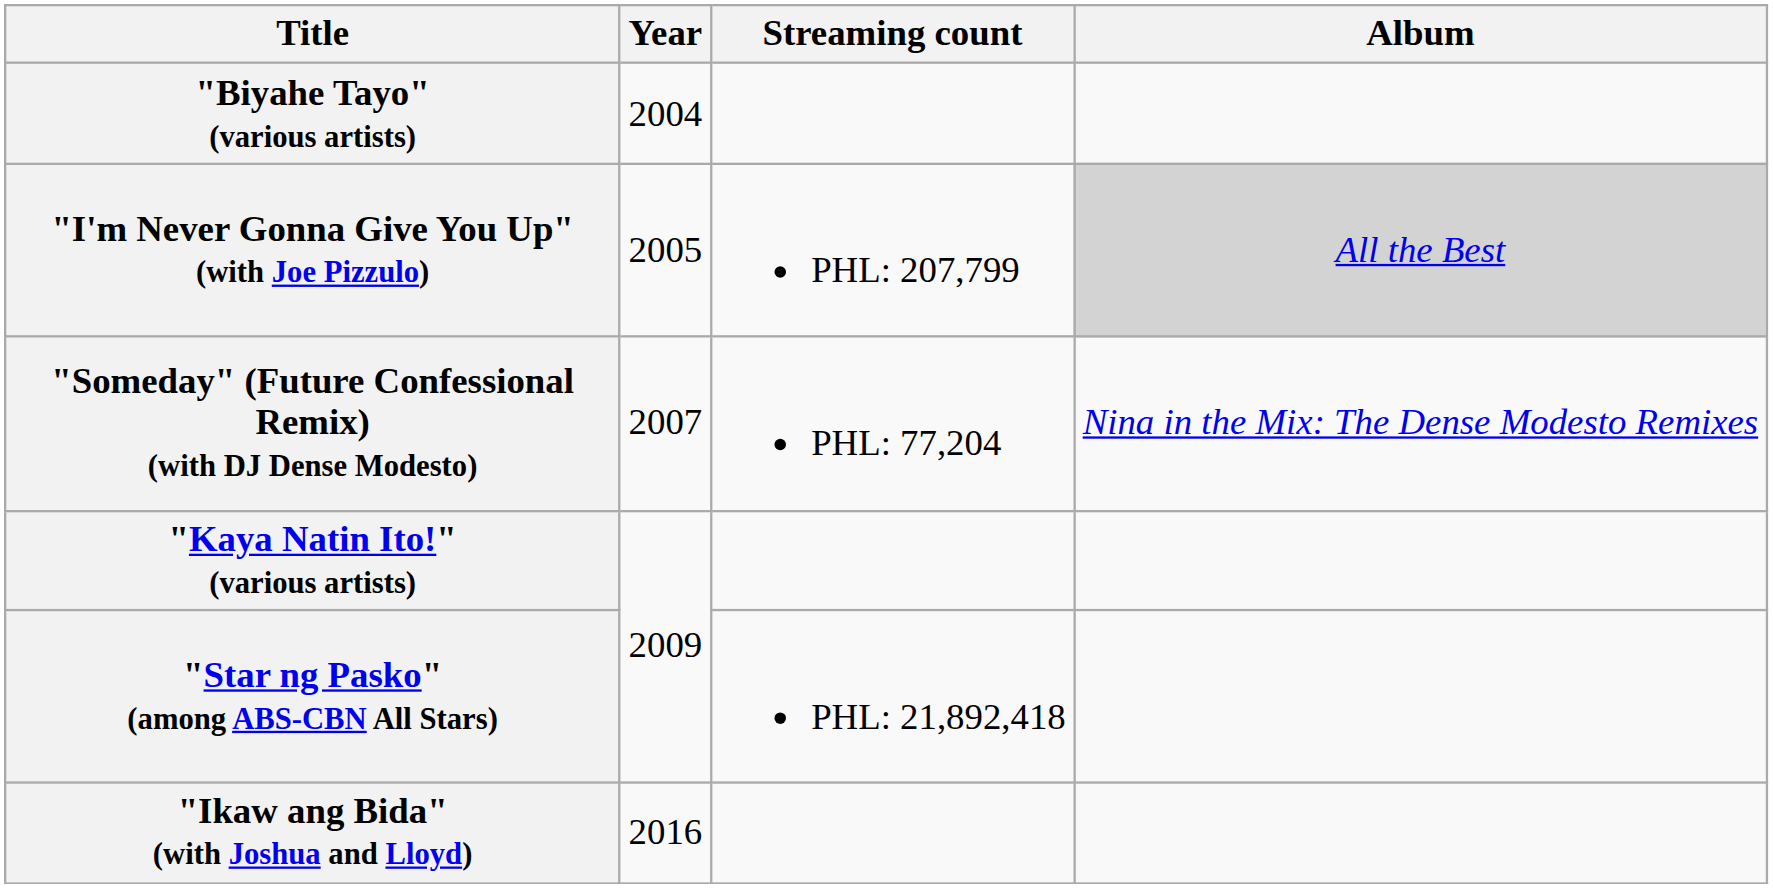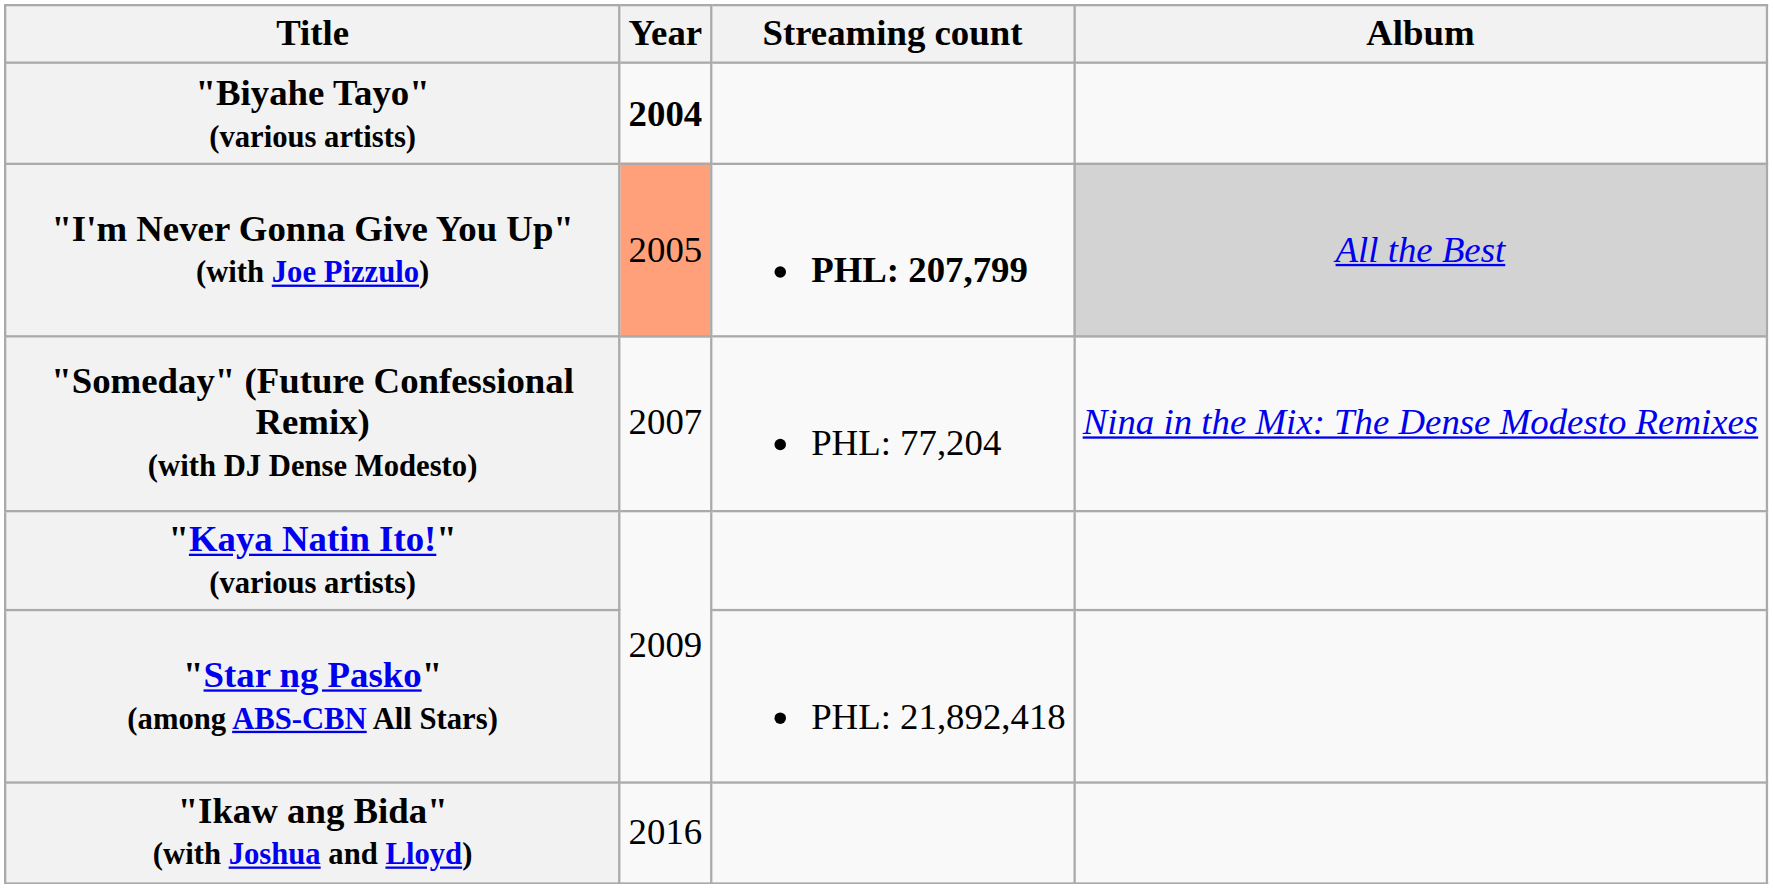 <table class="wikitable plainrowheaders">
 <tr>
 <th scope="col" width="260">Title</th>
 <th scope="col">Year</th>
 <th scope="col">Streaming count</th>
 <th scope="col">Album</th>
 </tr>
 <tr>
 <th scope="row">"Biyahe Tayo"<br><small>(various artists)</small></th>
-<td>2004</td>
+<td><strong>2004</strong></td>
 <td></td>
 <td></td>
 </tr>
 <tr>
 <th scope="row">"I'm Never Gonna Give You Up"<br><small>(with <a href='#'>Joe Pizzulo</a>)</small></th>
-<td>2005</td>
-<td><br><ul><li>PHL: 207,799</li></ul></td>
+<td style="background: lightsalmon;">2005</td>
+<td><strong><br><ul><li>PHL: 207,799</li></ul></strong></td>
 <td align="center" style="background: lightgrey;"><em><a href='#'>All the Best</a></em></td>
 </tr>
 <tr>
 <th scope="row">"Someday" (Future Confessional Remix)<br><small>(with DJ Dense Modesto)</small></th>
 <td>2007</td>
 <td><br><ul><li>PHL: 77,204</li></ul></td>
 <td align="center"><em><a href='#'>Nina in the Mix: The Dense Modesto Remixes</a></em></td>
 </tr>
 <tr>
 <th scope="row">"<a href='#'>Kaya Natin Ito!</a>"<br><small>(various artists)</small></th>
 <td rowspan="2">2009</td>
 <td></td>
 <td></td>
 </tr>
 <tr>
 <th scope="row">"<a href='#'>Star ng Pasko</a>"<br><small>(among <a href='#'>ABS-CBN</a> All Stars)</small></th>
 <td><br><ul><li>PHL: 21,892,418</li></ul></td>
 <td></td>
 </tr>
 <tr>
 <th scope="row">"Ikaw ang Bida"<br><small>(with <a href='#'>Joshua</a> and <a href='#'>Lloyd</a>)</small></th>
 <td>2016</td>
 <td></td>
 <td></td>
 </tr>
 <tr>
 </tr>
 </table>
